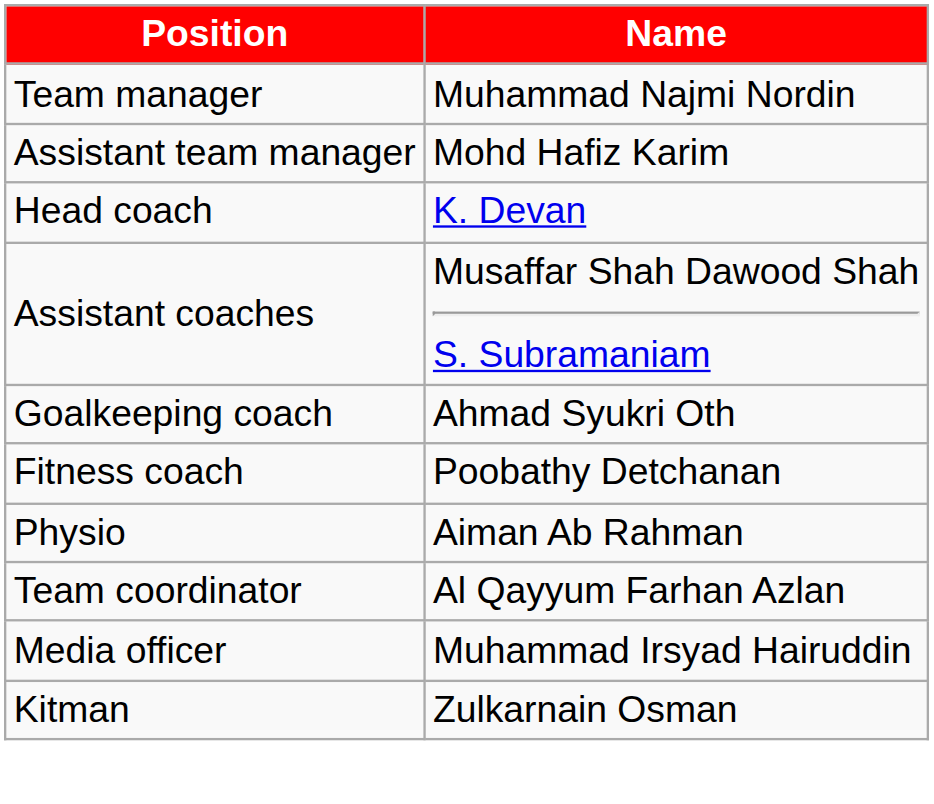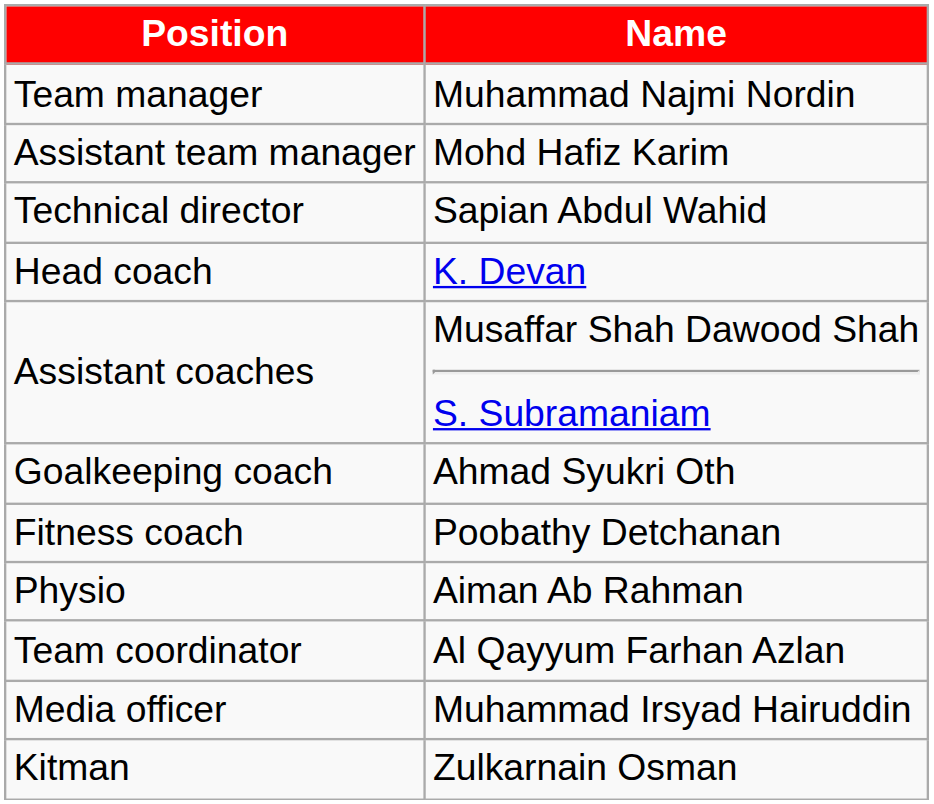 <table class="wikitable">
 <tr>
 <th style="background:red; color:White; text-align:center; ">Position</th>
 <th style="background:red; color:White; text-align:center; ">Name</th>
 </tr>
 <tr>
 <td>Team manager</td>
 <td> Muhammad Najmi Nordin</td>
 </tr>
 <tr>
 <td>Assistant team manager</td>
 <td> Mohd Hafiz Karim</td>
+</tr>
+<tr>
+<td>Technical director</td>
+<td> Sapian Abdul Wahid</td>
 </tr>
 <tr>
 <td>Head coach</td>
 <td> <a href='#'>K. Devan</a></td>
 </tr>
 <tr>
 <td>Assistant coaches</td>
 <td> Musaffar Shah Dawood Shah <hr>  <a href='#'>S. Subramaniam</a></td>
 </tr>
 <tr>
 <td>Goalkeeping coach</td>
 <td> Ahmad Syukri Oth</td>
 </tr>
 <tr>
 <td>Fitness coach</td>
 <td> Poobathy Detchanan</td>
 </tr>
 <tr>
 <td>Physio</td>
 <td> Aiman Ab Rahman</td>
 </tr>
 <tr>
 <td>Team coordinator</td>
 <td> Al Qayyum Farhan Azlan</td>
 </tr>
 <tr>
 <td>Media officer</td>
 <td> Muhammad Irsyad Hairuddin</td>
 </tr>
 <tr>
 <td>Kitman</td>
 <td> Zulkarnain Osman</td>
 </tr>
 </table>
